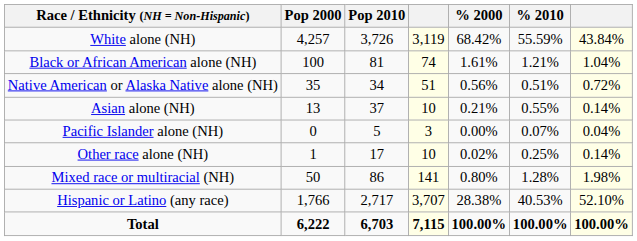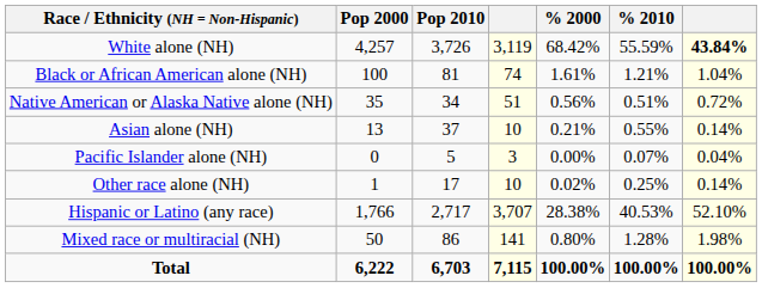 <table class="wikitable" style="text-align:center;">
 <tr>
 <th>Race / Ethnicity <small>(<em>NH = Non-Hispanic</em>)</small></th>
 <th>Pop 2000</th>
 <th>Pop 2010</th>
 <th></th>
 <th>% 2000</th>
 <th>% 2010</th>
 <th></th>
 </tr>
 <tr>
 <td><a href='#'>White</a> alone (NH)</td>
 <td>4,257</td>
 <td>3,726</td>
 <td style='background: #ffffe6;'>3,119</td>
 <td>68.42%</td>
 <td>55.59%</td>
-<td style='background: #ffffe6;'>43.84%</td>
+<td style='background: #ffffe6;'><strong>43.84%</strong></td>
 </tr>
 <tr>
 <td><a href='#'>Black or African American</a> alone (NH)</td>
 <td>100</td>
 <td>81</td>
 <td style='background: #ffffe6;'>74</td>
 <td>1.61%</td>
 <td>1.21%</td>
 <td style='background: #ffffe6;'>1.04%</td>
 </tr>
 <tr>
 <td><a href='#'>Native American</a> or <a href='#'>Alaska Native</a> alone (NH)</td>
 <td>35</td>
 <td>34</td>
 <td style='background: #ffffe6;'>51</td>
 <td>0.56%</td>
 <td>0.51%</td>
 <td style='background: #ffffe6;'>0.72%</td>
 </tr>
 <tr>
 <td><a href='#'>Asian</a> alone (NH)</td>
 <td>13</td>
 <td>37</td>
 <td style='background: #ffffe6;'>10</td>
 <td>0.21%</td>
 <td>0.55%</td>
 <td style='background: #ffffe6;'>0.14%</td>
 </tr>
 <tr>
 <td><a href='#'>Pacific Islander</a> alone (NH)</td>
 <td>0</td>
 <td>5</td>
 <td style='background: #ffffe6;'>3</td>
 <td>0.00%</td>
 <td>0.07%</td>
 <td style='background: #ffffe6;'>0.04%</td>
 </tr>
 <tr>
 <td><a href='#'>Other race</a> alone (NH)</td>
 <td>1</td>
 <td>17</td>
 <td style='background: #ffffe6;'>10</td>
 <td>0.02%</td>
 <td>0.25%</td>
 <td style='background: #ffffe6;'>0.14%</td>
 </tr>
 <tr>
+<td><a href='#'>Hispanic or Latino</a> (any race)</td>
+<td>1,766</td>
+<td>2,717</td>
+<td style='background: #ffffe6;'>3,707</td>
+<td>28.38%</td>
+<td>40.53%</td>
+<td style='background: #ffffe6;'>52.10%</td>
+</tr>
+<tr>
 <td><a href='#'>Mixed race or multiracial</a> (NH)</td>
 <td>50</td>
 <td>86</td>
 <td style='background: #ffffe6;'>141</td>
 <td>0.80%</td>
 <td>1.28%</td>
 <td style='background: #ffffe6;'>1.98%</td>
-</tr>
-<tr>
-<td><a href='#'>Hispanic or Latino</a> (any race)</td>
-<td>1,766</td>
-<td>2,717</td>
-<td style='background: #ffffe6;'>3,707</td>
-<td>28.38%</td>
-<td>40.53%</td>
-<td style='background: #ffffe6;'>52.10%</td>
 </tr>
 <tr>
 <td><strong>Total</strong></td>
 <td><strong>6,222</strong></td>
 <td><strong>6,703</strong></td>
 <td style='background: #ffffe6;'><strong>7,115</strong></td>
 <td><strong>100.00%</strong></td>
 <td><strong>100.00%</strong></td>
 <td style='background: #ffffe6;'><strong>100.00%</strong></td>
 </tr>
 </table>
